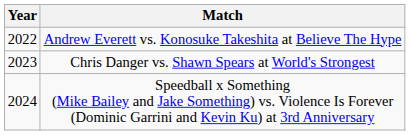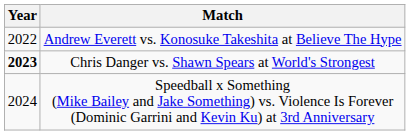 <table class="wikitable sortable" style="text-align: center">
 <tr>
 <th>Year</th>
 <th>Match</th>
 </tr>
 <tr>
 <td>2022</td>
 <td><a href='#'>Andrew Everett</a> vs. <a href='#'>Konosuke Takeshita</a> at <a href='#'>Believe The Hype</a></td>
 </tr>
 <tr>
-<td>2023</td>
+<td><strong>2023</strong></td>
 <td>Chris Danger vs. <a href='#'>Shawn Spears</a> at <a href='#'>World's Strongest</a></td>
 </tr>
 <tr>
 <td>2024</td>
 <td>Speedball x Something<br>(<a href='#'>Mike Bailey</a> and <a href='#'>Jake Something</a>) vs. Violence Is Forever<br>(Dominic Garrini and <a href='#'>Kevin Ku</a>) at <a href='#'>3rd Anniversary</a></td>
 </tr>
 </table>
